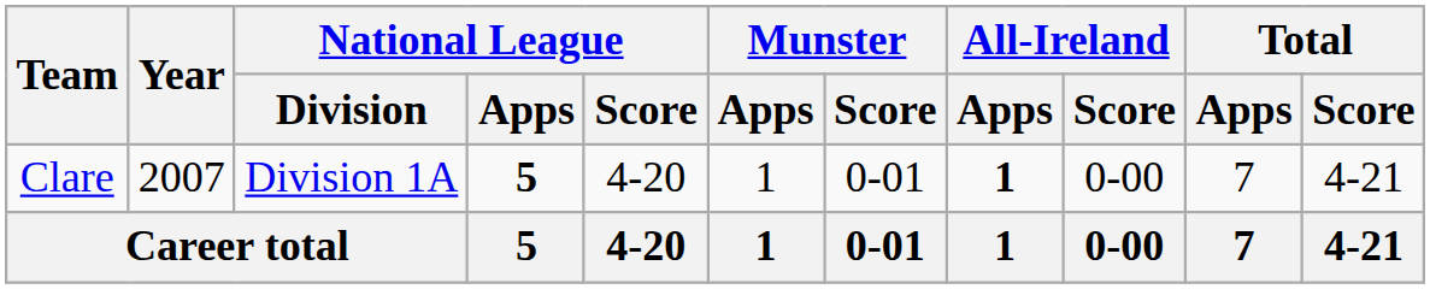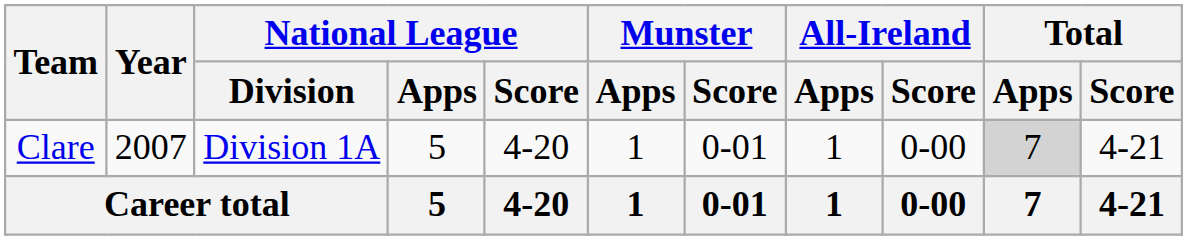 <table class="wikitable" style="text-align:center">
 <tr>
 <th rowspan="2">Team</th>
 <th rowspan="2">Year</th>
 <th colspan="3"><a href='#'>National League</a></th>
 <th colspan="2"><a href='#'>Munster</a></th>
 <th colspan="2"><a href='#'>All-Ireland</a></th>
 <th colspan="2">Total</th>
 </tr>
 <tr>
 <th>Division</th>
 <th>Apps</th>
 <th>Score</th>
 <th>Apps</th>
 <th>Score</th>
 <th>Apps</th>
 <th>Score</th>
 <th>Apps</th>
 <th>Score</th>
 </tr>
 <tr>
 <td rowspan="1"><a href='#'>Clare</a></td>
 <td>2007</td>
 <td rowspan="1"><a href='#'>Division 1A</a></td>
-<td><strong>5</strong></td>
+<td>5</td>
 <td>4-20</td>
 <td>1</td>
 <td>0-01</td>
-<td><strong>1</strong></td>
+<td>1</td>
 <td>0-00</td>
-<td>7</td>
+<td style="background: lightgrey;">7</td>
 <td>4-21</td>
 </tr>
 <tr>
 <th colspan="3">Career total</th>
 <th>5</th>
 <th>4-20</th>
 <th>1</th>
 <th>0-01</th>
 <th>1</th>
 <th>0-00</th>
 <th>7</th>
 <th>4-21</th>
 </tr>
 </table>
